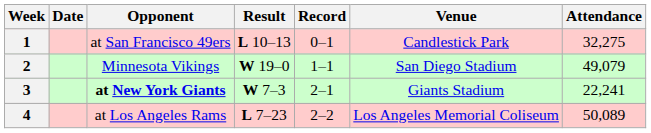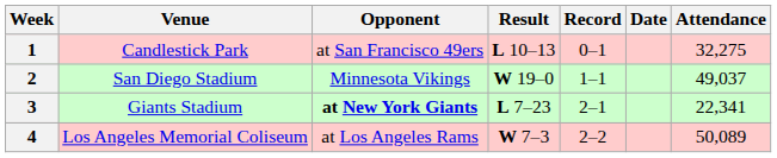 <table class="wikitable" style="text-align:center">
 <tr>
 <th>Week</th>
-<th>Date</th>
+<th>Venue</th>
 <th>Opponent</th>
 <th>Result</th>
 <th>Record</th>
-<th>Venue</th>
+<th>Date</th>
 <th>Attendance</th>
 </tr>
 <tr style="background: #fcc;">
 <th>1</th>
-<td></td>
+<td><a href='#'>Candlestick Park</a></td>
 <td>at <a href='#'>San Francisco 49ers</a></td>
 <td><strong>L</strong> 10–13</td>
 <td>0–1</td>
-<td><a href='#'>Candlestick Park</a></td>
+<td></td>
 <td>32,275</td>
 </tr>
 <tr style="background: #cfc;">
 <th>2</th>
-<td></td>
+<td><a href='#'>San Diego Stadium</a></td>
 <td><a href='#'>Minnesota Vikings</a></td>
 <td><strong>W</strong> 19–0</td>
 <td>1–1</td>
-<td><a href='#'>San Diego Stadium</a></td>
-<td>49,079</td>
+<td></td>
+<td>49,037</td>
 </tr>
 <tr style="background: #cfc;">
 <th>3</th>
+<td><a href='#'>Giants Stadium</a></td>
+<td><strong>at <a href='#'>New York Giants</a></strong></td>
+<td><strong>L</strong> 7–23</td>
+<td>2–1</td>
 <td></td>
-<td><strong>at <a href='#'>New York Giants</a></strong></td>
-<td><strong>W</strong> 7–3</td>
-<td>2–1</td>
-<td><a href='#'>Giants Stadium</a></td>
-<td>22,241</td>
+<td>22,341</td>
 </tr>
 <tr style="background: #fcc;">
 <th>4</th>
+<td><a href='#'>Los Angeles Memorial Coliseum</a></td>
+<td>at <a href='#'>Los Angeles Rams</a></td>
+<td><strong>W</strong> 7–3</td>
+<td>2–2</td>
 <td></td>
-<td>at <a href='#'>Los Angeles Rams</a></td>
-<td><strong>L</strong> 7–23</td>
-<td>2–2</td>
-<td><a href='#'>Los Angeles Memorial Coliseum</a></td>
 <td>50,089</td>
 </tr>
 </table>
